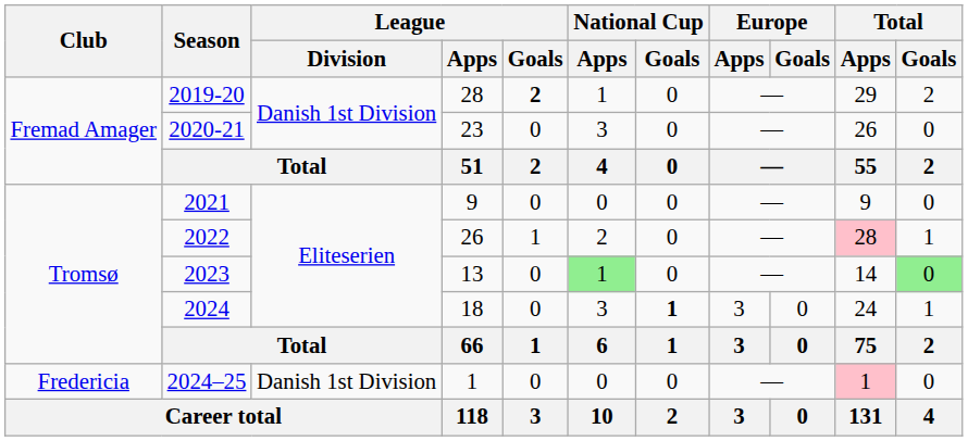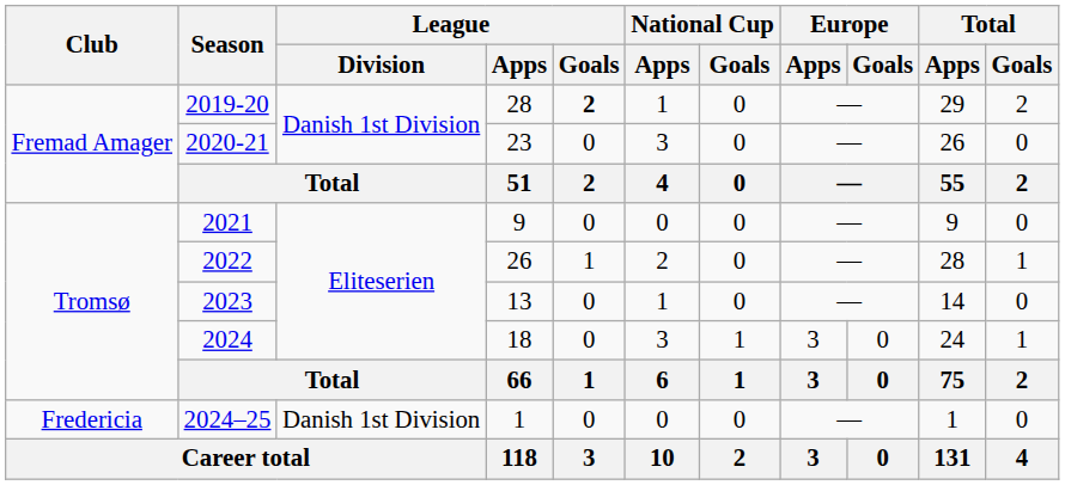 <table class="wikitable" style="text-align: center;">
 <tr>
 <th rowspan="2">Club</th>
 <th rowspan="2">Season</th>
 <th colspan="3">League</th>
 <th colspan="2">National Cup</th>
 <th colspan="2">Europe</th>
 <th colspan="2">Total</th>
 </tr>
 <tr>
 <th>Division</th>
 <th>Apps</th>
 <th>Goals</th>
 <th>Apps</th>
 <th>Goals</th>
 <th>Apps</th>
 <th>Goals</th>
 <th>Apps</th>
 <th>Goals</th>
 </tr>
 <tr>
 <td rowspan="3"><a href='#'>Fremad Amager</a></td>
 <td><a href='#'>2019-20</a></td>
 <td rowspan="2"><a href='#'>Danish 1st Division</a></td>
 <td>28</td>
 <td><strong>2</strong></td>
 <td>1</td>
 <td>0</td>
 <td colspan="2">—</td>
 <td>29</td>
 <td>2</td>
 </tr>
 <tr>
 <td><a href='#'>2020-21</a></td>
 <td>23</td>
 <td>0</td>
 <td>3</td>
 <td>0</td>
 <td colspan="2">—</td>
 <td>26</td>
 <td>0</td>
 </tr>
 <tr>
 <th colspan="2">Total</th>
 <th>51</th>
 <th>2</th>
 <th>4</th>
 <th>0</th>
 <th colspan="2">—</th>
 <th>55</th>
 <th>2</th>
 </tr>
 <tr>
 <td rowspan="5"><a href='#'>Tromsø</a></td>
 <td><a href='#'>2021</a></td>
 <td rowspan="4"><a href='#'>Eliteserien</a></td>
 <td>9</td>
 <td>0</td>
 <td>0</td>
 <td>0</td>
 <td colspan="2">—</td>
 <td>9</td>
 <td>0</td>
 </tr>
 <tr>
 <td><a href='#'>2022</a></td>
 <td>26</td>
 <td>1</td>
 <td>2</td>
 <td>0</td>
 <td colspan="2">—</td>
-<td style="background: pink;">28</td>
+<td>28</td>
 <td>1</td>
 </tr>
 <tr>
 <td><a href='#'>2023</a></td>
 <td>13</td>
 <td>0</td>
-<td style="background: lightgreen;">1</td>
+<td>1</td>
 <td>0</td>
 <td colspan="2">—</td>
 <td>14</td>
-<td style="background: lightgreen;">0</td>
+<td>0</td>
 </tr>
 <tr>
 <td><a href='#'>2024</a></td>
 <td>18</td>
 <td>0</td>
 <td>3</td>
-<td><strong>1</strong></td>
+<td>1</td>
 <td>3</td>
 <td>0</td>
 <td>24</td>
 <td>1</td>
 </tr>
 <tr>
 <th colspan="2">Total</th>
 <th>66</th>
 <th>1</th>
 <th>6</th>
 <th>1</th>
 <th>3</th>
 <th>0</th>
 <th>75</th>
 <th>2</th>
 </tr>
 <tr>
 <td><a href='#'>Fredericia</a></td>
 <td><a href='#'>2024–25</a></td>
 <td>Danish 1st Division</td>
 <td>1</td>
 <td>0</td>
 <td>0</td>
 <td>0</td>
 <td colspan="2">—</td>
-<td style="background: pink;">1</td>
+<td>1</td>
 <td>0</td>
 </tr>
 <tr>
 <th colspan="3">Career total</th>
 <th>118</th>
 <th>3</th>
 <th>10</th>
 <th>2</th>
 <th>3</th>
 <th>0</th>
 <th>131</th>
 <th>4</th>
 </tr>
 </table>
